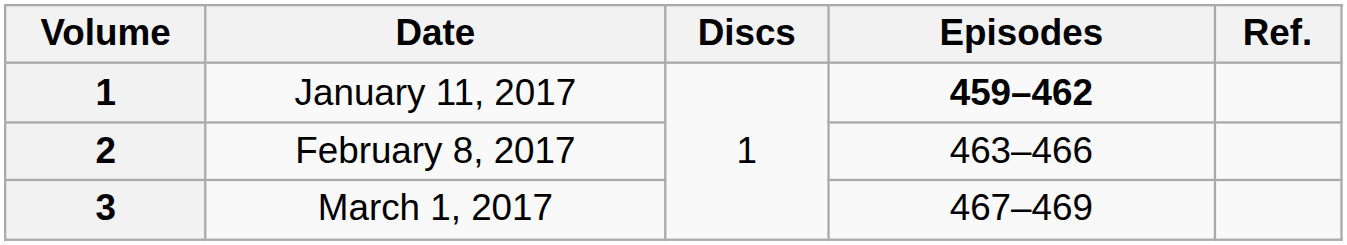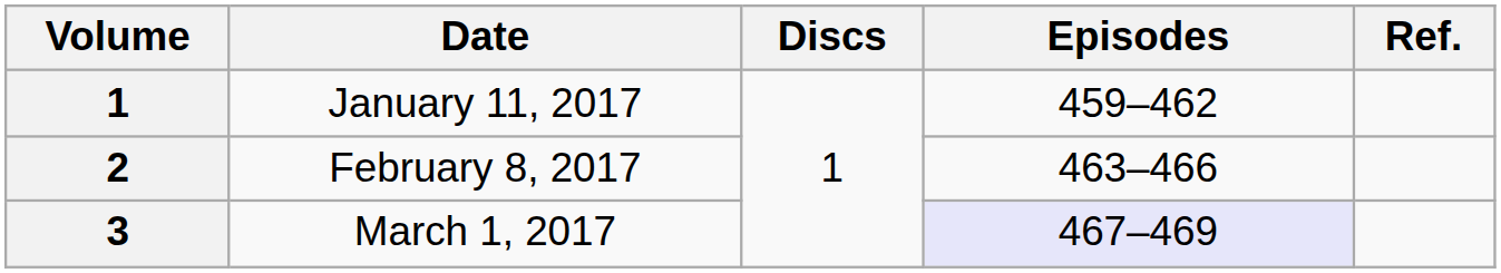 <table class="wikitable" style="text-align:center;">
 <tr>
 <th scope="col" style="width:5em;">Volume</th>
 <th scope="col" style="width:12em;">Date</th>
 <th scope="col" style="width:4em;">Discs</th>
 <th scope="col" style="width:10em;">Episodes</th>
 <th scope="col" style="width:3em;">Ref.</th>
 </tr>
 <tr>
 <th scope="row">1</th>
 <td>January 11, 2017</td>
 <td rowspan="3">1</td>
-<td><strong>459–462</strong></td>
+<td>459–462</td>
 <td></td>
 </tr>
 <tr>
 <th scope="row">2</th>
 <td>February 8, 2017</td>
 <td>463–466</td>
 <td></td>
 </tr>
 <tr>
 <th scope="row">3</th>
 <td>March 1, 2017</td>
-<td>467–469</td>
+<td style="background: lavender;">467–469</td>
 <td></td>
 </tr>
 </table>
